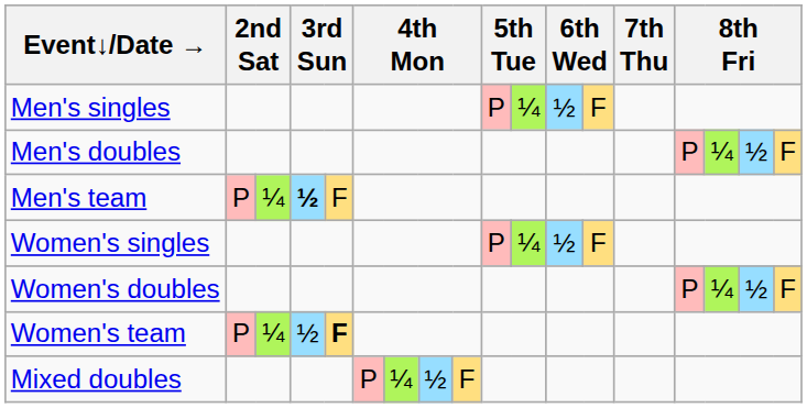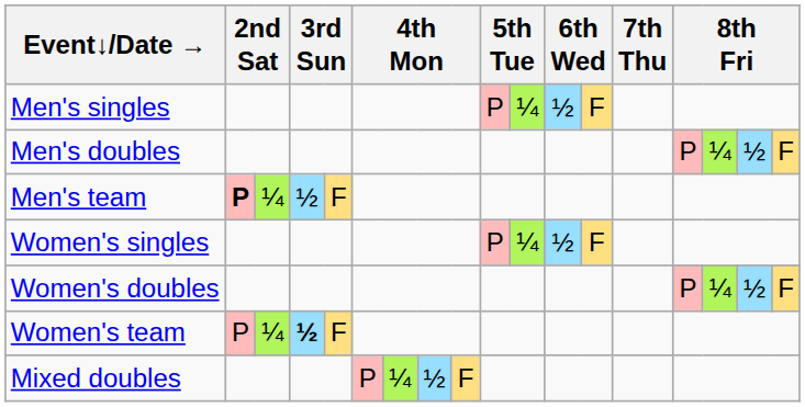 <table class="wikitable" style="margin:0.5em auto; font-size:90%; line-height:1.25em; text-align:center;">
 <tr>
 <th>Event↓/Date →</th>
 <th colspan=2>2nd<br>Sat</th>
 <th colspan=2>3rd<br>Sun</th>
 <th colspan=4>4th<br>Mon</th>
 <th colspan=2>5th<br>Tue</th>
 <th colspan=2>6th<br>Wed</th>
 <th>7th<br>Thu</th>
 <th colspan=5>8th<br>Fri</th>
 </tr>
 <tr>
 <td align="left"><a href='#'>Men's singles</a></td>
 <td colspan=2></td>
 <td colspan=2></td>
 <td colspan=4></td>
 <td bgcolor="#FFBBBB">P</td>
 <td bgcolor="#AFF55B">¼</td>
 <td bgcolor="#97DEFF">½</td>
 <td bgcolor="#FFDF80">F</td>
 <td></td>
 <td colspan=4></td>
 </tr>
 <tr>
 <td align="left"><a href='#'>Men's doubles</a></td>
 <td colspan=2></td>
 <td colspan=2></td>
 <td colspan=4></td>
 <td colspan=2></td>
 <td colspan=2></td>
 <td></td>
 <td bgcolor="#FFBBBB">P</td>
 <td bgcolor="#AFF55B">¼</td>
 <td bgcolor="#97DEFF">½</td>
 <td bgcolor="#FFDF80">F</td>
 </tr>
 <tr>
 <td align="left"><a href='#'>Men's team</a></td>
-<td bgcolor="#FFBBBB">P</td>
+<td bgcolor="#FFBBBB"><strong>P</strong></td>
 <td bgcolor="#AFF55B">¼</td>
-<td bgcolor="#97DEFF"><strong>½</strong></td>
+<td bgcolor="#97DEFF">½</td>
 <td bgcolor="#FFDF80">F</td>
 <td colspan=4></td>
 <td colspan=2></td>
 <td colspan=2></td>
 <td></td>
 <td colspan=4></td>
 </tr>
 <tr>
 <td align="left"><a href='#'>Women's singles</a></td>
 <td colspan=2></td>
 <td colspan=2></td>
 <td colspan=4></td>
 <td bgcolor="#FFBBBB">P</td>
 <td bgcolor="#AFF55B">¼</td>
 <td bgcolor="#97DEFF">½</td>
 <td bgcolor="#FFDF80">F</td>
 <td></td>
 <td colspan=4></td>
 </tr>
 <tr>
 <td align="left"><a href='#'>Women's doubles</a></td>
 <td colspan=2></td>
 <td colspan=2></td>
 <td colspan=4></td>
 <td colspan=2></td>
 <td colspan=2></td>
 <td></td>
 <td bgcolor="#FFBBBB">P</td>
 <td bgcolor="#AFF55B">¼</td>
 <td bgcolor="#97DEFF">½</td>
 <td bgcolor="#FFDF80">F</td>
 </tr>
 <tr>
 <td align="left"><a href='#'>Women's team</a></td>
 <td bgcolor="#FFBBBB">P</td>
 <td bgcolor="#AFF55B">¼</td>
-<td bgcolor="#97DEFF">½</td>
-<td bgcolor="#FFDF80"><strong>F</strong></td>
+<td bgcolor="#97DEFF"><strong>½</strong></td>
+<td bgcolor="#FFDF80">F</td>
 <td colspan=4></td>
 <td colspan=2></td>
 <td colspan=2></td>
 <td></td>
 <td colspan=4></td>
 </tr>
 <tr>
 <td align="left"><a href='#'>Mixed doubles</a></td>
 <td colspan=2></td>
 <td colspan=2></td>
 <td bgcolor="#FFBBBB">P</td>
 <td bgcolor="#AFF55B">¼</td>
 <td bgcolor="#97DEFF">½</td>
 <td bgcolor="#FFDF80">F</td>
 <td colspan=2></td>
 <td colspan=2></td>
 <td></td>
 <td colspan=4></td>
 </tr>
 </table>
